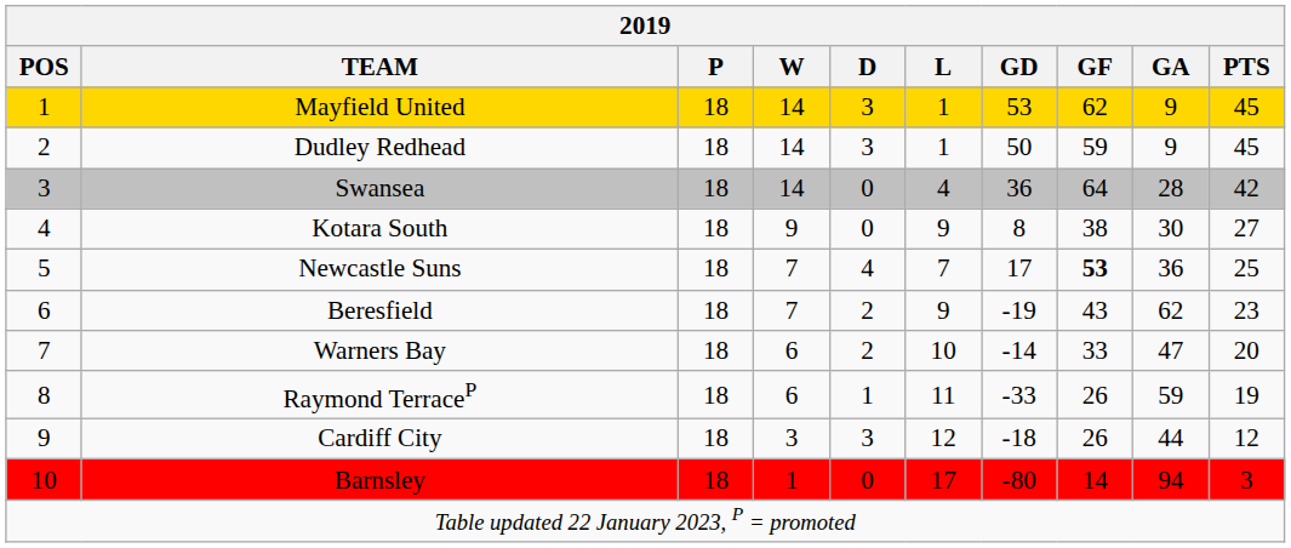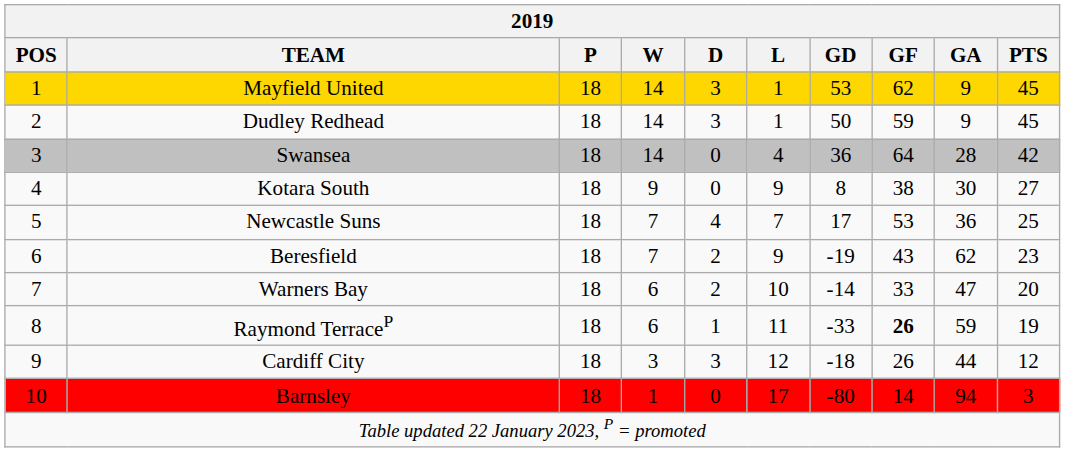 <table class="wikitable collapsible collapsed" style="text-align:center; min-width:50em; margin: 1em auto 1em auto;">
 <tr>
 <th colspan=10>2019</th>
 </tr>
 <tr>
 <th scope="col" width="40px">POS</th>
 <th scope="col">TEAM</th>
 <th scope="col" width="40px">P</th>
 <th scope="col" width="40px">W</th>
 <th scope="col" width="40px">D</th>
 <th scope="col" width="40px">L</th>
 <th scope="col" width="40px">GD</th>
 <th scope="col" width="40px">GF</th>
 <th scope="col" width="40px">GA</th>
 <th scope="col" width="40px">PTS</th>
 </tr>
 <tr style="background: gold;">
 <td>1</td>
 <td>Mayfield United</td>
 <td>18</td>
 <td>14</td>
 <td>3</td>
 <td>1</td>
 <td>53</td>
 <td>62</td>
 <td>9</td>
 <td>45</td>
 </tr>
 <tr>
 <td>2</td>
 <td>Dudley Redhead</td>
 <td>18</td>
 <td>14</td>
 <td>3</td>
 <td>1</td>
 <td>50</td>
 <td>59</td>
 <td>9</td>
 <td>45</td>
 </tr>
 <tr style="background: silver;">
 <td>3</td>
 <td>Swansea</td>
 <td>18</td>
 <td>14</td>
 <td>0</td>
 <td>4</td>
 <td>36</td>
 <td>64</td>
 <td>28</td>
 <td>42</td>
 </tr>
 <tr>
 <td>4</td>
 <td>Kotara South</td>
 <td>18</td>
 <td>9</td>
 <td>0</td>
 <td>9</td>
 <td>8</td>
 <td>38</td>
 <td>30</td>
 <td>27</td>
 </tr>
 <tr>
 <td>5</td>
 <td>Newcastle Suns</td>
 <td>18</td>
 <td>7</td>
 <td>4</td>
 <td>7</td>
 <td>17</td>
-<td><strong>53</strong></td>
+<td>53</td>
 <td>36</td>
 <td>25</td>
 </tr>
 <tr>
 <td>6</td>
 <td>Beresfield</td>
 <td>18</td>
 <td>7</td>
 <td>2</td>
 <td>9</td>
 <td>-19</td>
 <td>43</td>
 <td>62</td>
 <td>23</td>
 </tr>
 <tr>
 <td>7</td>
 <td>Warners Bay</td>
 <td>18</td>
 <td>6</td>
 <td>2</td>
 <td>10</td>
 <td>-14</td>
 <td>33</td>
 <td>47</td>
 <td>20</td>
 </tr>
 <tr>
 <td>8</td>
 <td>Raymond Terrace<sup>P</sup></td>
 <td>18</td>
 <td>6</td>
 <td>1</td>
 <td>11</td>
 <td>-33</td>
-<td>26</td>
+<td><strong>26</strong></td>
 <td>59</td>
 <td>19</td>
 </tr>
 <tr>
 <td>9</td>
 <td>Cardiff City</td>
 <td>18</td>
 <td>3</td>
 <td>3</td>
 <td>12</td>
 <td>-18</td>
 <td>26</td>
 <td>44</td>
 <td>12</td>
 </tr>
 <tr style="background: red;">
 <td>10</td>
 <td>Barnsley</td>
 <td>18</td>
 <td>1</td>
 <td>0</td>
 <td>17</td>
 <td>-80</td>
 <td>14</td>
 <td>94</td>
 <td>3</td>
 </tr>
 <tr>
 <td colspan=10 style="font-size:88%"><em>Table updated 22 January 2023, <sup>P</sup> = promoted</em></td>
 </tr>
 </table>
